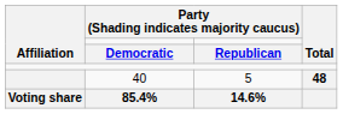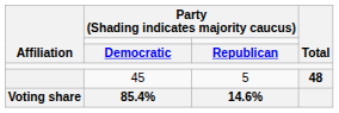 <table class=wikitable style="text-align:center">
 <tr style="vertical-align:bottom;">
 <th rowspan=3>Affiliation</th>
 <th colspan=2>Party <div>(Shading indicates majority caucus)</div></th>
 <th rowspan=3>Total</th>
 </tr>
 <tr style="height:5px">
 <td style="background-color:"></td>
 <td style="background-color:"></td>
 </tr>
 <tr>
 <th><a href='#'>Democratic</a></th>
 <th><a href='#'>Republican</a></th>
 </tr>
 <tr>
 <td colspan=5></td>
 </tr>
 <tr>
 <th nowrap style="font-size:80%"></th>
-<td>40</td>
+<td>45</td>
 <td>5</td>
 <th>48</th>
 </tr>
 <tr>
 <th>Voting share</th>
 <th>85.4%</th>
 <th>14.6%</th>
 <th colspan=2></th>
 </tr>
 </table>
